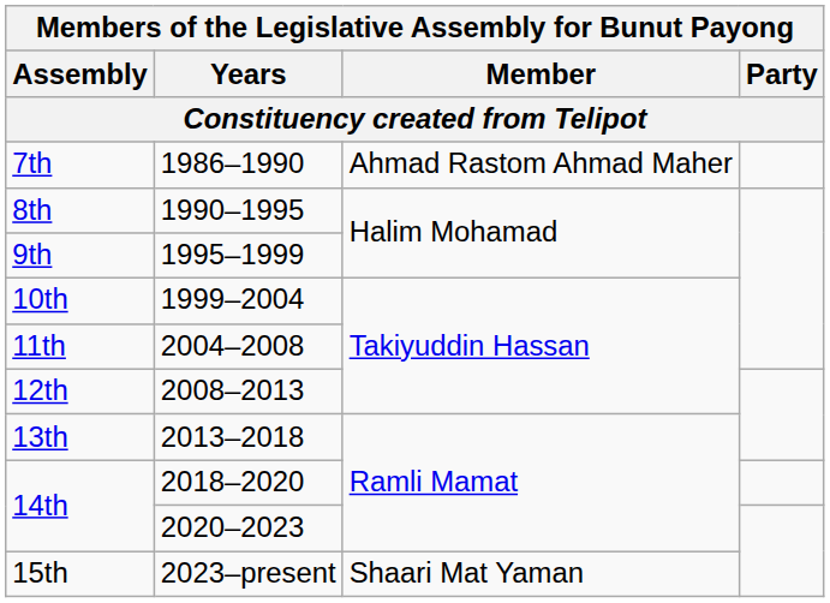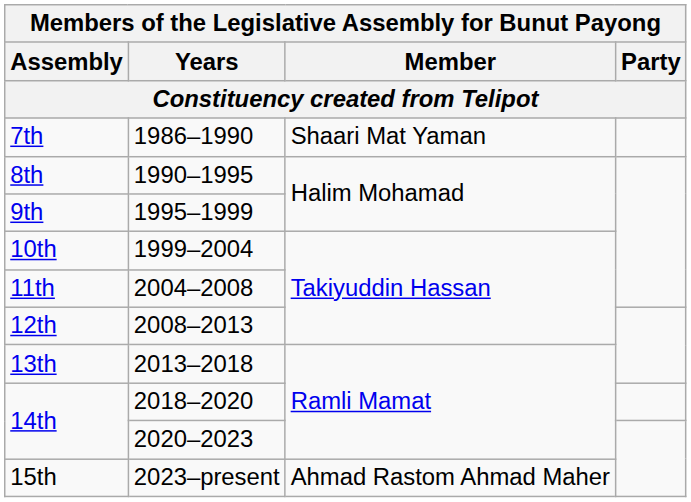 <table class="wikitable">
 <tr>
 <th colspan="4">Members of the Legislative Assembly for Bunut Payong</th>
 </tr>
 <tr>
 <th>Assembly</th>
 <th>Years</th>
 <th>Member</th>
 <th>Party</th>
 </tr>
 <tr>
 <th colspan="4" align="center"><em>Constituency created from Telipot</em></th>
 </tr>
 <tr>
 <td><a href='#'>7th</a></td>
 <td>1986–1990</td>
-<td>Ahmad Rastom Ahmad Maher</td>
+<td>Shaari Mat Yaman</td>
 <td></td>
 </tr>
 <tr>
 <td><a href='#'>8th</a></td>
 <td>1990–1995</td>
 <td rowspan="2">Halim Mohamad</td>
 <td rowspan="4"></td>
 </tr>
 <tr>
 <td><a href='#'>9th</a></td>
 <td>1995–1999</td>
 </tr>
 <tr>
 <td><a href='#'>10th</a></td>
 <td>1999–2004</td>
 <td rowspan="3"><a href='#'>Takiyuddin Hassan</a></td>
 </tr>
 <tr>
 <td><a href='#'>11th</a></td>
 <td>2004–2008</td>
 </tr>
 <tr>
 <td><a href='#'>12th</a></td>
 <td>2008–2013</td>
 <td rowspan=2></td>
 </tr>
 <tr>
 <td><a href='#'>13th</a></td>
 <td>2013–2018</td>
 <td rowspan="3"><a href='#'>Ramli Mamat</a></td>
 </tr>
 <tr>
 <td rowspan="2"><a href='#'>14th</a></td>
 <td>2018–2020</td>
 <td></td>
 </tr>
 <tr>
 <td>2020–2023</td>
 <td rowspan=2></td>
 </tr>
 <tr>
 <td>15th</td>
 <td>2023–present</td>
-<td>Shaari Mat Yaman</td>
+<td>Ahmad Rastom Ahmad Maher</td>
 </tr>
 </table>
